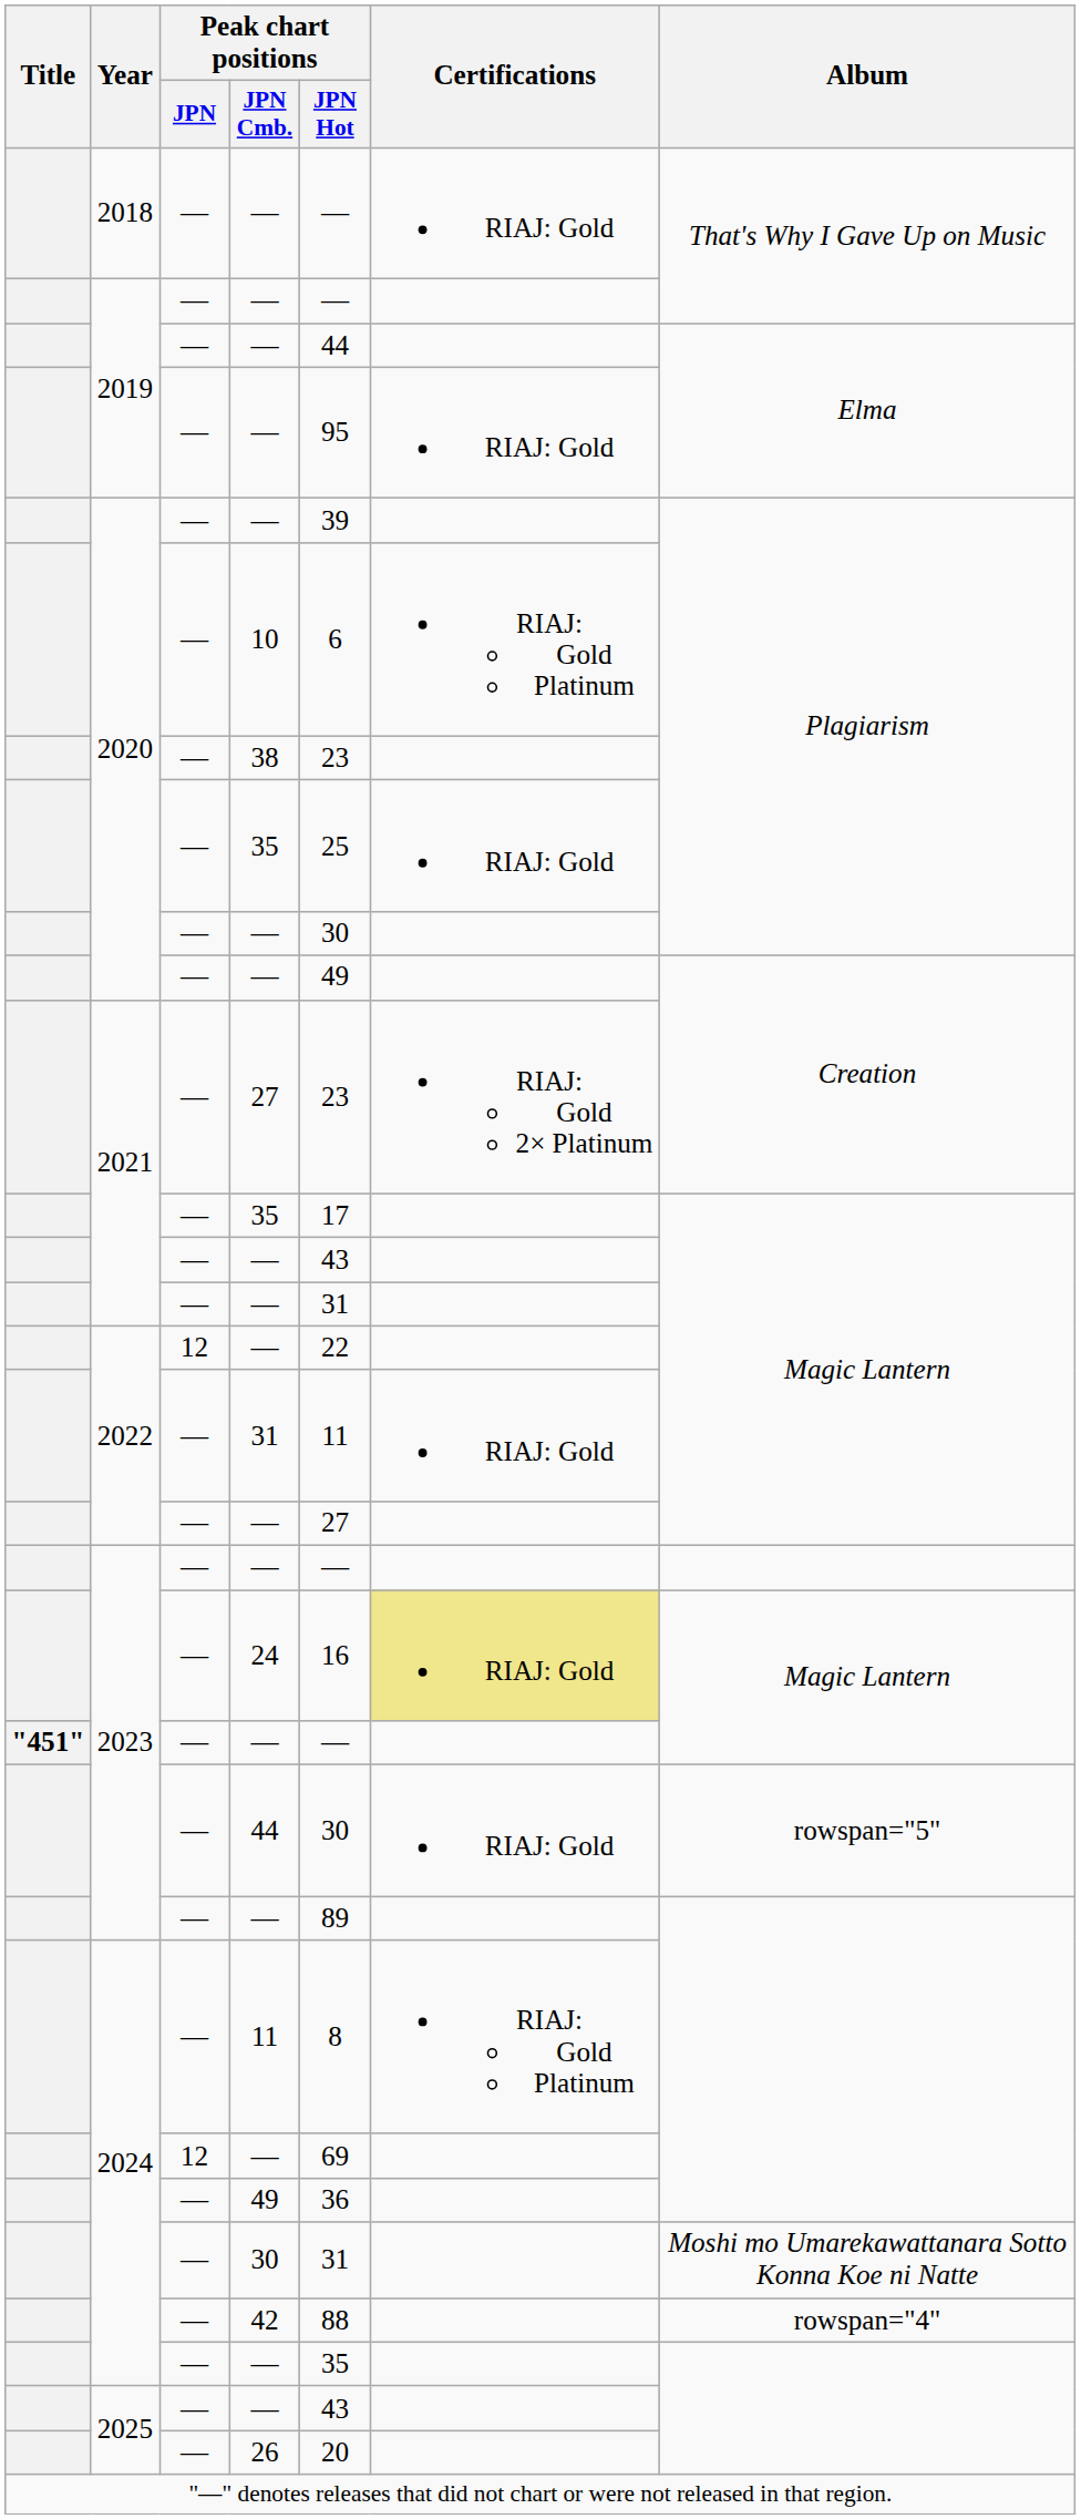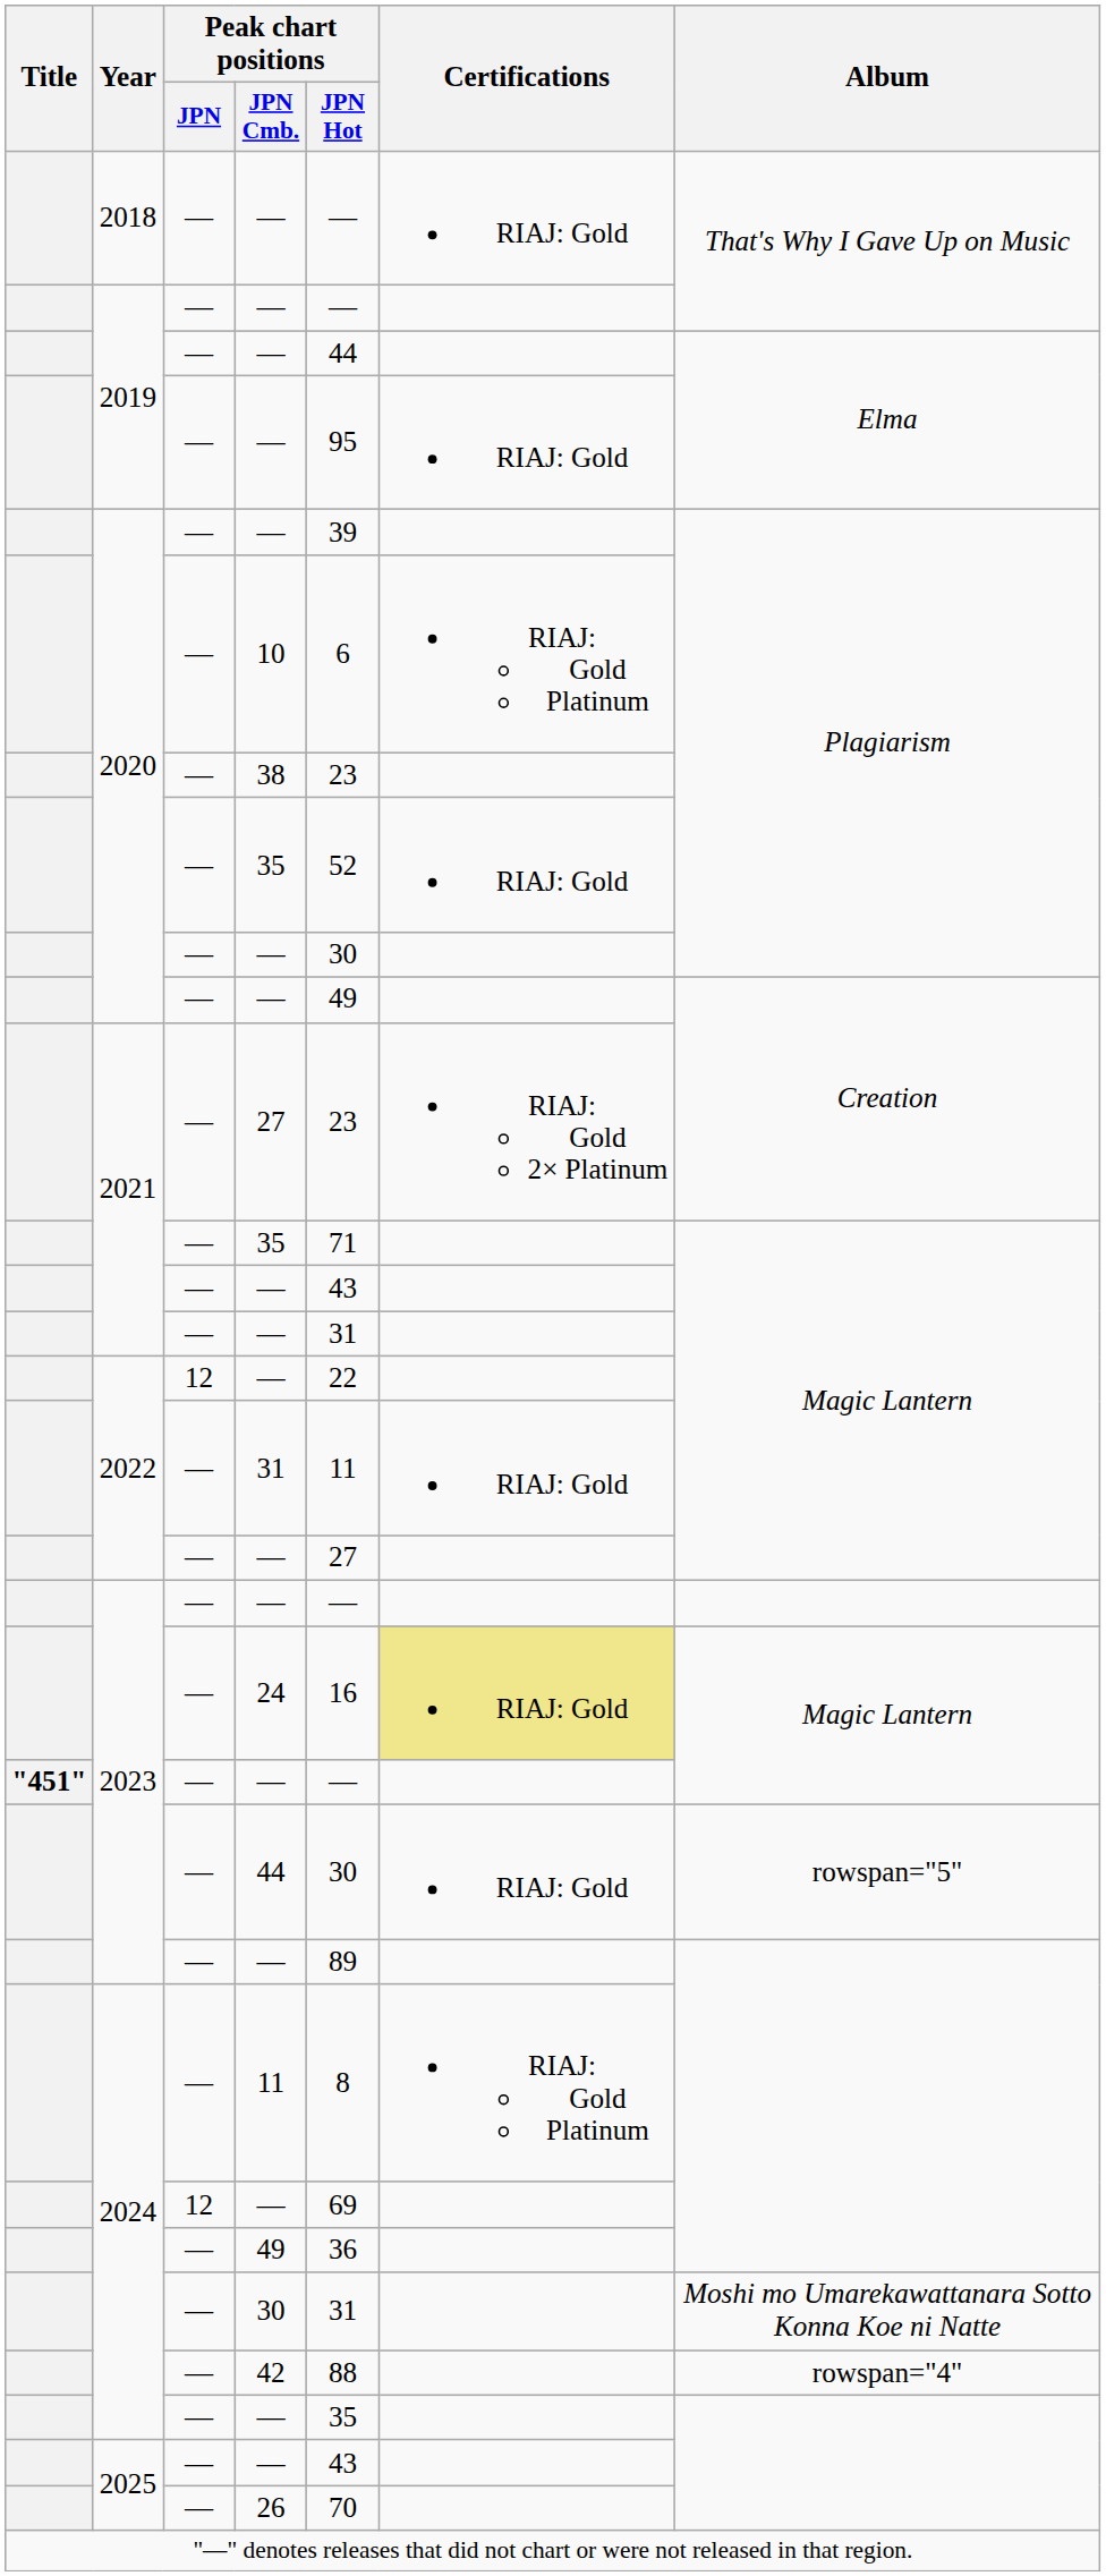 <table class="wikitable plainrowheaders" style="text-align:center">
 <tr>
 <th scope="col" rowspan="2">Title</th>
 <th scope="col" rowspan="2">Year</th>
 <th scope="col" colspan="3">Peak chart positions</th>
 <th scope="col" rowspan="2">Certifications</th>
 <th scope="col" rowspan="2" style="width:14.5em">Album</th>
 </tr>
 <tr>
 <th scope="col" style="width:2.5em;font-size:85%"><a href='#'>JPN</a><br></th>
 <th scope="col" style="width:2.5em;font-size:85%"><a href='#'>JPN<br>Cmb.</a><br></th>
 <th scope="col" style="width:2.5em;font-size:85%"><a href='#'>JPN<br>Hot</a><br></th>
 </tr>
 <tr>
 <th scope="row"></th>
 <td>2018</td>
 <td>—</td>
 <td>—</td>
 <td>—</td>
 <td><br><ul><li>RIAJ: Gold </li></ul></td>
 <td rowspan="2"><em>That's Why I Gave Up on Music</em></td>
 </tr>
 <tr>
 <th scope="row"></th>
 <td rowspan="3">2019</td>
 <td>—</td>
 <td>—</td>
 <td>—</td>
 <td></td>
 </tr>
 <tr>
 <th scope="row"></th>
 <td>—</td>
 <td>—</td>
 <td>44</td>
 <td></td>
 <td rowspan="2"><em>Elma</em></td>
 </tr>
 <tr>
 <th scope="row"></th>
 <td>—</td>
 <td>—</td>
 <td>95</td>
 <td><br><ul><li>RIAJ: Gold </li></ul></td>
 </tr>
 <tr>
 <th scope="row"></th>
 <td rowspan="6">2020</td>
 <td>—</td>
 <td>—</td>
 <td>39</td>
 <td></td>
 <td rowspan="5"><em>Plagiarism</em></td>
 </tr>
 <tr>
 <th scope="row"></th>
 <td>—</td>
 <td>10</td>
 <td>6</td>
 <td><br><ul><li>RIAJ:<ul><li>Gold </li><li>Platinum </li></ul></li></ul></td>
 </tr>
 <tr>
 <th scope="row"></th>
 <td>—</td>
 <td>38</td>
 <td>23</td>
 <td></td>
 </tr>
 <tr>
 <th scope="row"></th>
 <td>—</td>
 <td>35</td>
-<td>25</td>
+<td>52</td>
 <td><br><ul><li>RIAJ: Gold </li></ul></td>
 </tr>
 <tr>
 <th scope="row"></th>
 <td>—</td>
 <td>—</td>
 <td>30</td>
 <td></td>
 </tr>
 <tr>
 <th scope="row"></th>
 <td>—</td>
 <td>—</td>
 <td>49</td>
 <td></td>
 <td rowspan="2"><em>Creation</em></td>
 </tr>
 <tr>
 <th scope="row"></th>
 <td rowspan="4">2021</td>
 <td>—</td>
 <td>27</td>
 <td>23</td>
 <td><br><ul><li>RIAJ:<ul><li>Gold </li><li>2× Platinum </li></ul></li></ul></td>
 </tr>
 <tr>
 <th scope="row"></th>
 <td>—</td>
 <td>35</td>
-<td>17</td>
+<td>71</td>
 <td></td>
 <td rowspan="6"><em>Magic Lantern</em></td>
 </tr>
 <tr>
 <th scope="row"></th>
 <td>—</td>
 <td>—</td>
 <td>43</td>
 <td></td>
 </tr>
 <tr>
 <th scope="row"></th>
 <td>—</td>
 <td>—</td>
 <td>31</td>
 <td></td>
 </tr>
 <tr>
 <th scope="row"></th>
 <td rowspan="3">2022</td>
 <td>12</td>
 <td>—</td>
 <td>22</td>
 <td></td>
 </tr>
 <tr>
 <th scope="row"></th>
 <td>—</td>
 <td>31</td>
 <td>11</td>
 <td><br><ul><li>RIAJ: Gold </li></ul></td>
 </tr>
 <tr>
 <th scope="row"></th>
 <td>—</td>
 <td>—</td>
 <td>27</td>
 <td></td>
 </tr>
 <tr>
 <th scope="row"></th>
 <td rowspan="5">2023</td>
 <td>—</td>
 <td>—</td>
 <td>—</td>
 <td></td>
 <td></td>
 </tr>
 <tr>
 <th scope="row"></th>
 <td>—</td>
 <td>24</td>
 <td>16</td>
 <td style="background: khaki;"><br><ul><li>RIAJ: Gold </li></ul></td>
 <td rowspan="2"><em>Magic Lantern</em></td>
 </tr>
 <tr>
 <th scope="row">"451"</th>
 <td>—</td>
 <td>—</td>
 <td>—</td>
 <td></td>
 </tr>
 <tr>
 <th scope="row"></th>
 <td>—</td>
 <td>44</td>
 <td>30</td>
 <td><br><ul><li>RIAJ: Gold </li></ul></td>
 <td>rowspan="5" </td>
 </tr>
 <tr>
 <th scope="row"></th>
 <td>—</td>
 <td>—</td>
 <td>89</td>
 <td></td>
 </tr>
 <tr>
 <th scope="row"></th>
 <td rowspan="6">2024</td>
 <td>—</td>
 <td>11</td>
 <td>8</td>
 <td><br><ul><li>RIAJ:<ul><li>Gold </li><li>Platinum </li></ul></li></ul></td>
 </tr>
 <tr>
 <th scope="row"></th>
 <td>12</td>
 <td>—</td>
 <td>69</td>
 <td></td>
 </tr>
 <tr>
 <th scope="row"></th>
 <td>—</td>
 <td>49</td>
 <td>36</td>
 <td></td>
 </tr>
 <tr>
 <th scope="row"></th>
 <td>—</td>
 <td>30</td>
 <td>31</td>
 <td></td>
 <td><em>Moshi mo Umarekawattanara Sotto Konna Koe ni Natte</em></td>
 </tr>
 <tr>
 <th scope="row"></th>
 <td>—</td>
 <td>42</td>
 <td>88</td>
 <td></td>
 <td>rowspan="4" </td>
 </tr>
 <tr>
 <th scope="row"></th>
 <td>—</td>
 <td>—</td>
 <td>35</td>
 <td></td>
 </tr>
 <tr>
 <th scope="row"></th>
 <td rowspan="2">2025</td>
 <td>—</td>
 <td>—</td>
 <td>43</td>
 <td></td>
 </tr>
 <tr>
 <th scope="row"></th>
 <td>—</td>
 <td>26</td>
-<td>20</td>
+<td>70</td>
 <td></td>
 </tr>
 <tr>
 <td colspan="7" style="font-size:85%">"—" denotes releases that did not chart or were not released in that region.</td>
 </tr>
 </table>
